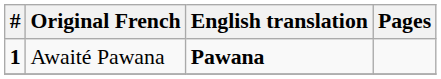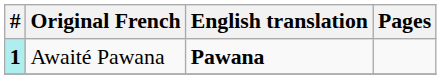 <table class="wikitable">
 <tr>
 <th>#</th>
 <th>Original French</th>
 <th>English translation</th>
 <th>Pages</th>
 </tr>
 <tr>
-<td><strong>1</strong></td>
+<td style="background: paleturquoise;"><strong>1</strong></td>
 <td>Awaité Pawana</td>
 <td><strong>Pawana</strong></td>
 <td></td>
 </tr>
 <tr>
 </tr>
 </table>
